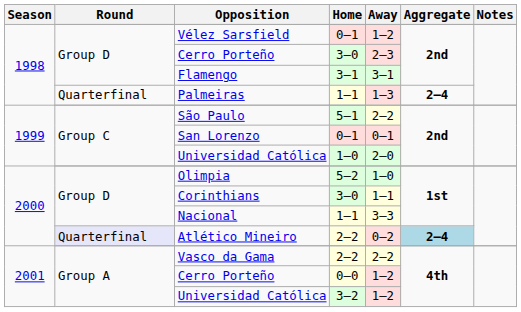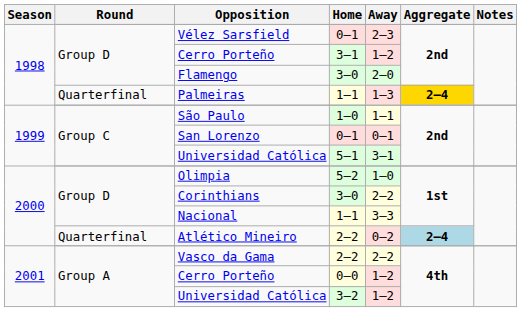 <table class="wikitable sortable ">
 <tr>
 <th align=center>Season</th>
 <th width=120>Round</th>
 <th>Opposition</th>
 <th>Home</th>
 <th>Away</th>
 <th>Aggregate</th>
 <th>Notes</th>
 </tr>
 <tr>
 <td align=center rowspan=5><a href='#'>1998</a></td>
 </tr>
 <tr>
 <td rowspan=3>Group D</td>
 <td> <a href='#'>Vélez Sarsfield</a></td>
 <td style="text-align:center; background:#fdd;">0–1</td>
-<td style="text-align:center; background:#fdd;">1–2</td>
+<td style="text-align:center; background:#fdd;">2–3</td>
 <td rowspan=3 style="text-align:center;"><strong>2nd</strong></td>
 <td rowspan=4 style="text-align:center;"></td>
 </tr>
 <tr>
 <td> <a href='#'>Cerro Porteño</a></td>
-<td style="text-align:center; background:#dfd;">3–0</td>
-<td style="text-align:center; background:#fdd;">2–3</td>
+<td style="text-align:center; background:#dfd;">3–1</td>
+<td style="text-align:center; background:#fdd;">1–2</td>
 </tr>
 <tr>
 <td> <a href='#'>Flamengo</a></td>
-<td style="text-align:center; background:#dfd;">3–1</td>
-<td style="text-align:center; background:#dfd;">3–1</td>
+<td style="text-align:center; background:#dfd;">3–0</td>
+<td style="text-align:center; background:#dfd;">2–0</td>
 </tr>
 <tr>
 <td>Quarterfinal</td>
 <td> <a href='#'>Palmeiras</a></td>
 <td style="text-align:center; background:#ffd;">1–1</td>
 <td style="text-align:center; background:#fdd;">1–3</td>
-<td style="text-align:center;"><strong>2–4</strong></td>
+<td style="background: gold; text-align:center;"><strong>2–4</strong></td>
 </tr>
 <tr>
 <td align=center rowspan=4><a href='#'>1999</a></td>
 </tr>
 <tr>
 <td rowspan=3>Group C</td>
 <td> <a href='#'>São Paulo</a></td>
-<td style="text-align:center; background:#dfd;">5–1</td>
-<td style="text-align:center; background:#ffd;">2–2</td>
+<td style="text-align:center; background:#dfd;">1–0</td>
+<td style="text-align:center; background:#ffd;">1–1</td>
 <td rowspan=3 style="text-align:center;"><strong>2nd</strong></td>
 <td rowspan=3 style="text-align:center;"></td>
 </tr>
 <tr>
 <td> <a href='#'>San Lorenzo</a></td>
 <td style="text-align:center; background:#fdd;">0–1</td>
 <td style="text-align:center; background:#fdd;">0–1</td>
 </tr>
 <tr>
 <td> <a href='#'>Universidad Católica</a></td>
-<td style="text-align:center; background:#dfd;">1–0</td>
-<td style="text-align:center; background:#dfd;">2–0</td>
+<td style="text-align:center; background:#dfd;">5–1</td>
+<td style="text-align:center; background:#dfd;">3–1</td>
 </tr>
 <tr>
 <td align=center rowspan=5><a href='#'>2000</a></td>
 </tr>
 <tr>
 <td rowspan=3>Group D</td>
 <td> <a href='#'>Olimpia</a></td>
 <td style="text-align:center; background:#dfd;">5–2</td>
 <td style="text-align:center; background:#dfd;">1–0</td>
 <td rowspan=3 style="text-align:center;"><strong>1st</strong></td>
 <td rowspan=4 style="text-align:center;"></td>
 </tr>
 <tr>
 <td> <a href='#'>Corinthians</a></td>
 <td style="text-align:center; background:#dfd;">3–0</td>
-<td style="text-align:center; background:#ffd;">1–1</td>
+<td style="text-align:center; background:#ffd;">2–2</td>
 </tr>
 <tr>
 <td> <a href='#'>Nacional</a></td>
 <td style="text-align:center; background:#ffd;">1–1</td>
 <td style="text-align:center; background:#ffd;">3–3</td>
 </tr>
 <tr>
-<td style="background: lavender;">Quarterfinal</td>
+<td>Quarterfinal</td>
 <td> <a href='#'>Atlético Mineiro</a></td>
 <td style="text-align:center; background:#ffd;">2–2</td>
 <td style="text-align:center; background:#fdd;">0–2</td>
 <td style="background: lightblue; text-align:center;"><strong>2–4</strong></td>
 </tr>
 <tr>
 <td align=center rowspan=4><a href='#'>2001</a></td>
 </tr>
 <tr>
 <td rowspan=3>Group A</td>
 <td> <a href='#'>Vasco da Gama</a></td>
 <td style="text-align:center; background:#ffd;">2–2</td>
 <td style="text-align:center; background:#ffd;">2–2</td>
 <td rowspan=3 style="text-align:center;"><strong>4th</strong></td>
 <td rowspan=3 style="text-align:center;"></td>
 </tr>
 <tr>
 <td> <a href='#'>Cerro Porteño</a></td>
 <td style="text-align:center; background:#ffd;">0–0</td>
 <td style="text-align:center; background:#fdd;">1–2</td>
 </tr>
 <tr>
 <td> <a href='#'>Universidad Católica</a></td>
 <td style="text-align:center; background:#dfd;">3–2</td>
 <td style="text-align:center; background:#fdd;">1–2</td>
 </tr>
 </table>
